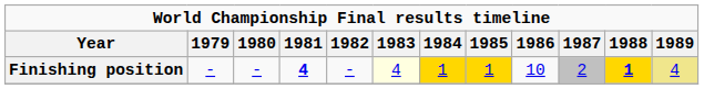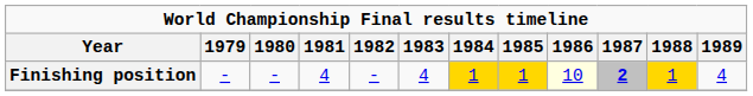 <table class="wikitable plainrowheaders">
 <tr>
 <td colspan="20" style="text-align:center;"><strong>World Championship Final results timeline</strong></td>
 </tr>
 <tr>
 <th scope="col">Year</th>
 <th scope="col">1979</th>
 <th scope="col">1980</th>
 <th scope="col">1981</th>
 <th scope="col">1982</th>
 <th scope="col">1983</th>
 <th scope="col">1984</th>
 <th scope="col">1985</th>
 <th scope="col">1986</th>
 <th scope="col">1987</th>
 <th scope="col">1988</th>
 <th scope="col">1989</th>
 </tr>
 <tr style="text-align:center;">
 <th scope="row">Finishing position</th>
 <td><a href='#'>-</a></td>
 <td><a href='#'>-</a></td>
-<td><strong><a href='#'>4</a></strong></td>
+<td><a href='#'>4</a></td>
 <td><a href='#'>-</a></td>
-<td style="background: lightyellow;"><a href='#'>4</a></td>
+<td><a href='#'>4</a></td>
 <td style="background:gold;"><a href='#'>1</a></td>
 <td style="background:gold;"><a href='#'>1</a></td>
-<td><a href='#'>10</a></td>
-<td style="background:silver;"><a href='#'>2</a></td>
-<td style="background:gold;"><strong><a href='#'>1</a></strong></td>
-<td style="background: khaki;"><a href='#'>4</a></td>
+<td style="background: lightyellow;"><a href='#'>10</a></td>
+<td style="background:silver;"><strong><a href='#'>2</a></strong></td>
+<td style="background:gold;"><a href='#'>1</a></td>
+<td><a href='#'>4</a></td>
 </tr>
 <tr>
 </tr>
 <tr style="text-align:center;">
 </tr>
 </table>
